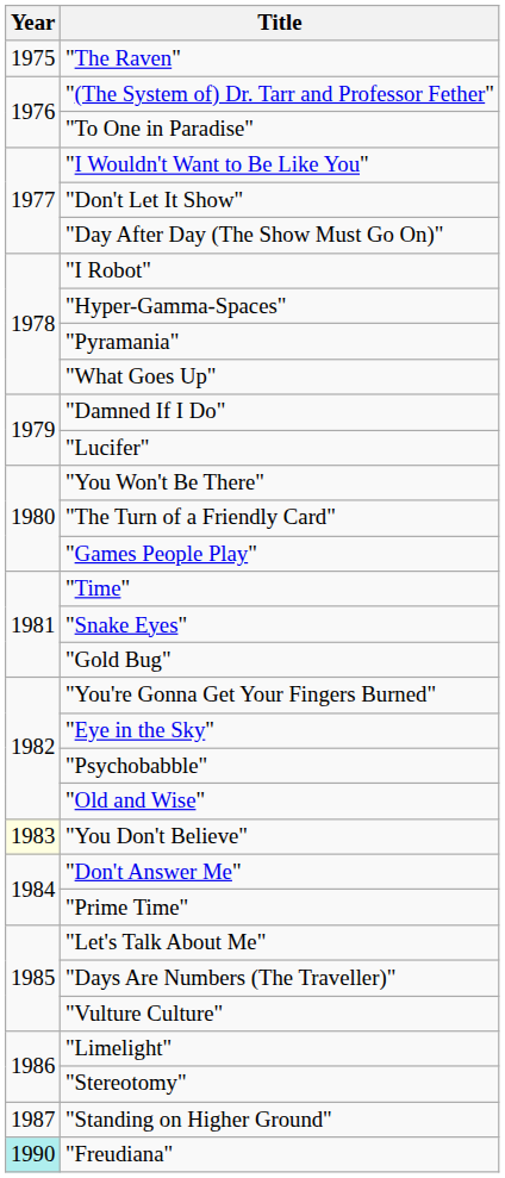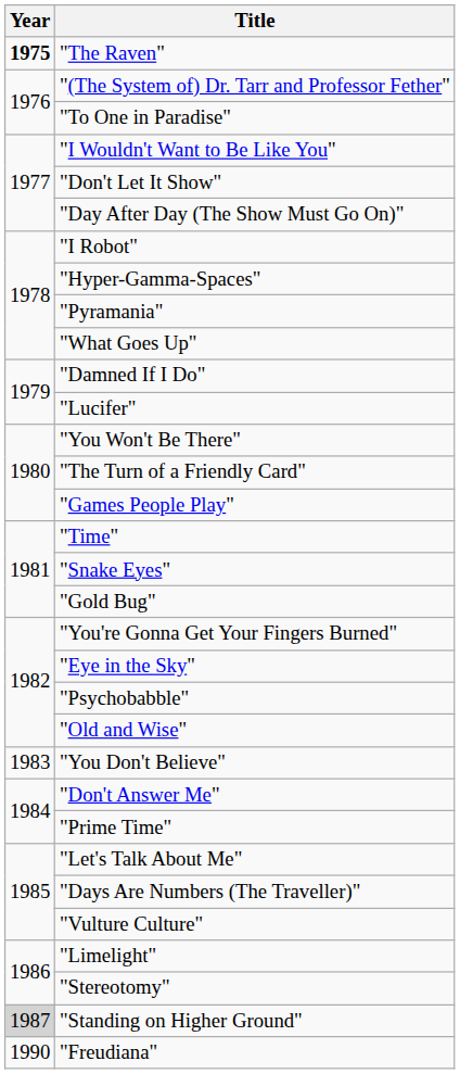 <table class="wikitable sortable">
 <tr>
 <th>Year</th>
 <th>Title</th>
 </tr>
 <tr>
-<td>1975</td>
+<td><strong>1975</strong></td>
 <td>"<a href='#'>The Raven</a>"</td>
 </tr>
 <tr>
 <td rowspan="2">1976</td>
 <td>"<a href='#'>(The System of) Dr. Tarr and Professor Fether</a>"</td>
 </tr>
 <tr>
 <td>"To One in Paradise"</td>
 </tr>
 <tr>
 <td rowspan="3">1977</td>
 <td>"<a href='#'>I Wouldn't Want to Be Like You</a>"</td>
 </tr>
 <tr>
 <td>"Don't Let It Show"</td>
 </tr>
 <tr>
 <td>"Day After Day (The Show Must Go On)"</td>
 </tr>
 <tr>
 <td rowspan="4">1978</td>
 <td>"I Robot"</td>
 </tr>
 <tr>
 <td>"Hyper-Gamma-Spaces"</td>
 </tr>
 <tr>
 <td>"Pyramania"</td>
 </tr>
 <tr>
 <td>"What Goes Up"</td>
 </tr>
 <tr>
 <td rowspan="2">1979</td>
 <td>"Damned If I Do"</td>
 </tr>
 <tr>
 <td>"Lucifer"</td>
 </tr>
 <tr>
 <td rowspan="3">1980</td>
 <td>"You Won't Be There"</td>
 </tr>
 <tr>
 <td>"The Turn of a Friendly Card"</td>
 </tr>
 <tr>
 <td>"<a href='#'>Games People Play</a>"</td>
 </tr>
 <tr>
 <td rowspan="3">1981</td>
 <td>"<a href='#'>Time</a>"</td>
 </tr>
 <tr>
 <td>"<a href='#'>Snake Eyes</a>"</td>
 </tr>
 <tr>
 <td>"Gold Bug"</td>
 </tr>
 <tr>
 <td rowspan="4">1982</td>
 <td>"You're Gonna Get Your Fingers Burned"</td>
 </tr>
 <tr>
 <td>"<a href='#'>Eye in the Sky</a>"</td>
 </tr>
 <tr>
 <td>"Psychobabble"</td>
 </tr>
 <tr>
 <td>"<a href='#'>Old and Wise</a>"</td>
 </tr>
 <tr>
-<td style="background: lightyellow;">1983</td>
+<td>1983</td>
 <td>"You Don't Believe"</td>
 </tr>
 <tr>
 <td rowspan="2">1984</td>
 <td>"<a href='#'>Don't Answer Me</a>"</td>
 </tr>
 <tr>
 <td>"Prime Time"</td>
 </tr>
 <tr>
 <td rowspan="3">1985</td>
 <td>"Let's Talk About Me"</td>
 </tr>
 <tr>
 <td>"Days Are Numbers (The Traveller)"</td>
 </tr>
 <tr>
 <td>"Vulture Culture"</td>
 </tr>
 <tr>
 <td rowspan="2">1986</td>
 <td>"Limelight"</td>
 </tr>
 <tr>
 <td>"Stereotomy"</td>
 </tr>
 <tr>
-<td>1987</td>
+<td style="background: lightgrey;">1987</td>
 <td>"Standing on Higher Ground"</td>
 </tr>
 <tr>
-<td style="background: paleturquoise;">1990</td>
+<td>1990</td>
 <td>"Freudiana"</td>
 </tr>
 </table>
